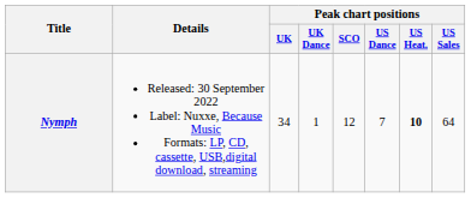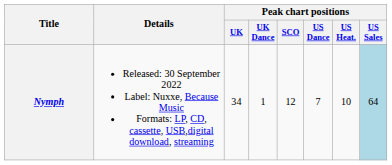 <table class="wikitable plainrowheaders" style="text-align:center;">
 <tr>
 <th scope="col" rowspan="2" style="width:12em;">Title</th>
 <th scope="col" rowspan="2" style="width:16em;">Details</th>
 <th scope="col" colspan="6">Peak chart positions</th>
 </tr>
 <tr>
 <th scope="col" style="width:3em;font-size:85%;"><a href='#'>UK</a><br></th>
 <th scope="col" style="width:3em;font-size:85%;"><a href='#'>UK<br>Dance</a><br></th>
 <th scope="col" style="width:3em;font-size:85%;"><a href='#'>SCO</a><br></th>
 <th scope="col" style="width:3em;font-size:85%;"><a href='#'>US<br>Dance</a><br></th>
 <th scope="col" style="width:3em;font-size:85%;"><a href='#'>US<br>Heat.</a><br></th>
 <th scope="col" style="width:3em;font-size:85%;"><a href='#'>US<br>Sales</a><br></th>
 </tr>
 <tr>
 <th scope="row"><em><a href='#'>Nymph</a></em></th>
 <td><br><ul><li>Released: 30 September 2022</li><li>Label: Nuxxe, <a href='#'>Because Music</a></li><li>Formats: <a href='#'>LP</a>, <a href='#'>CD</a>, <a href='#'>cassette</a>, <a href='#'>USB</a>,<a href='#'>digital download</a>, <a href='#'>streaming</a></li></ul></td>
 <td>34</td>
 <td>1</td>
 <td>12</td>
 <td>7</td>
-<td><strong>10</strong></td>
-<td>64</td>
+<td>10</td>
+<td style="background: lightblue;">64</td>
 </tr>
 </table>
